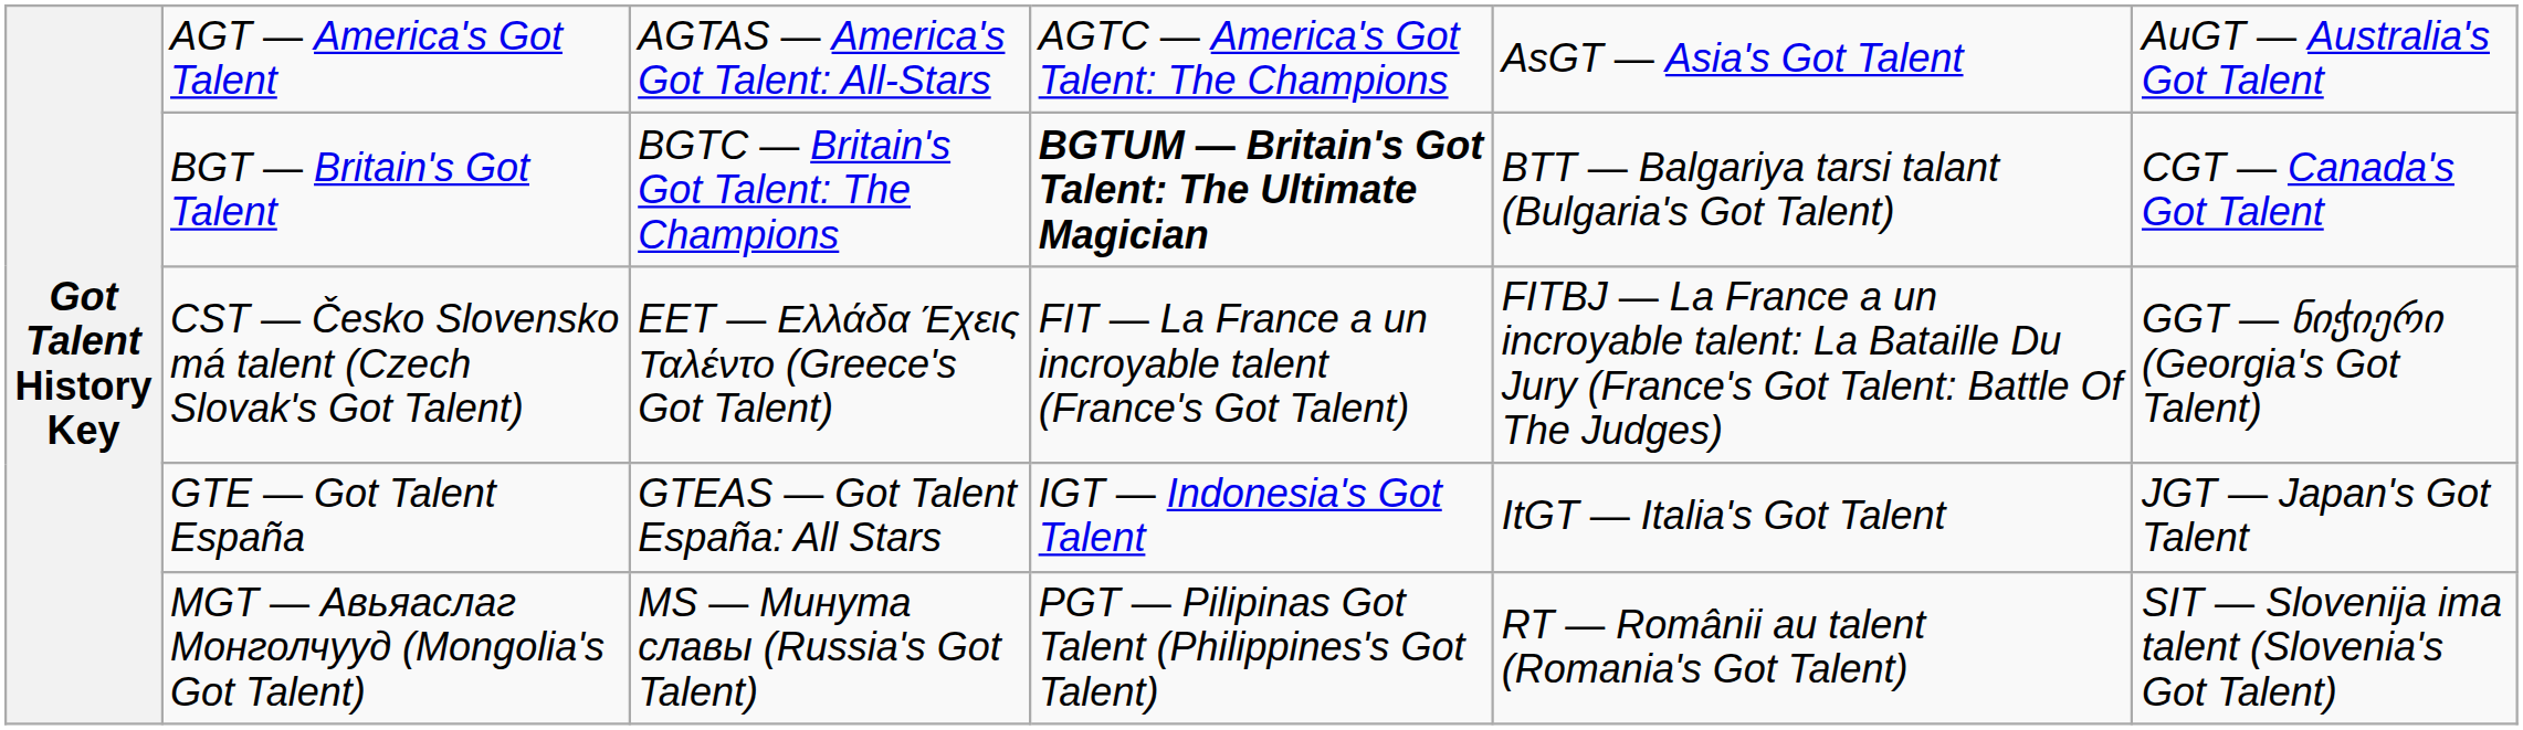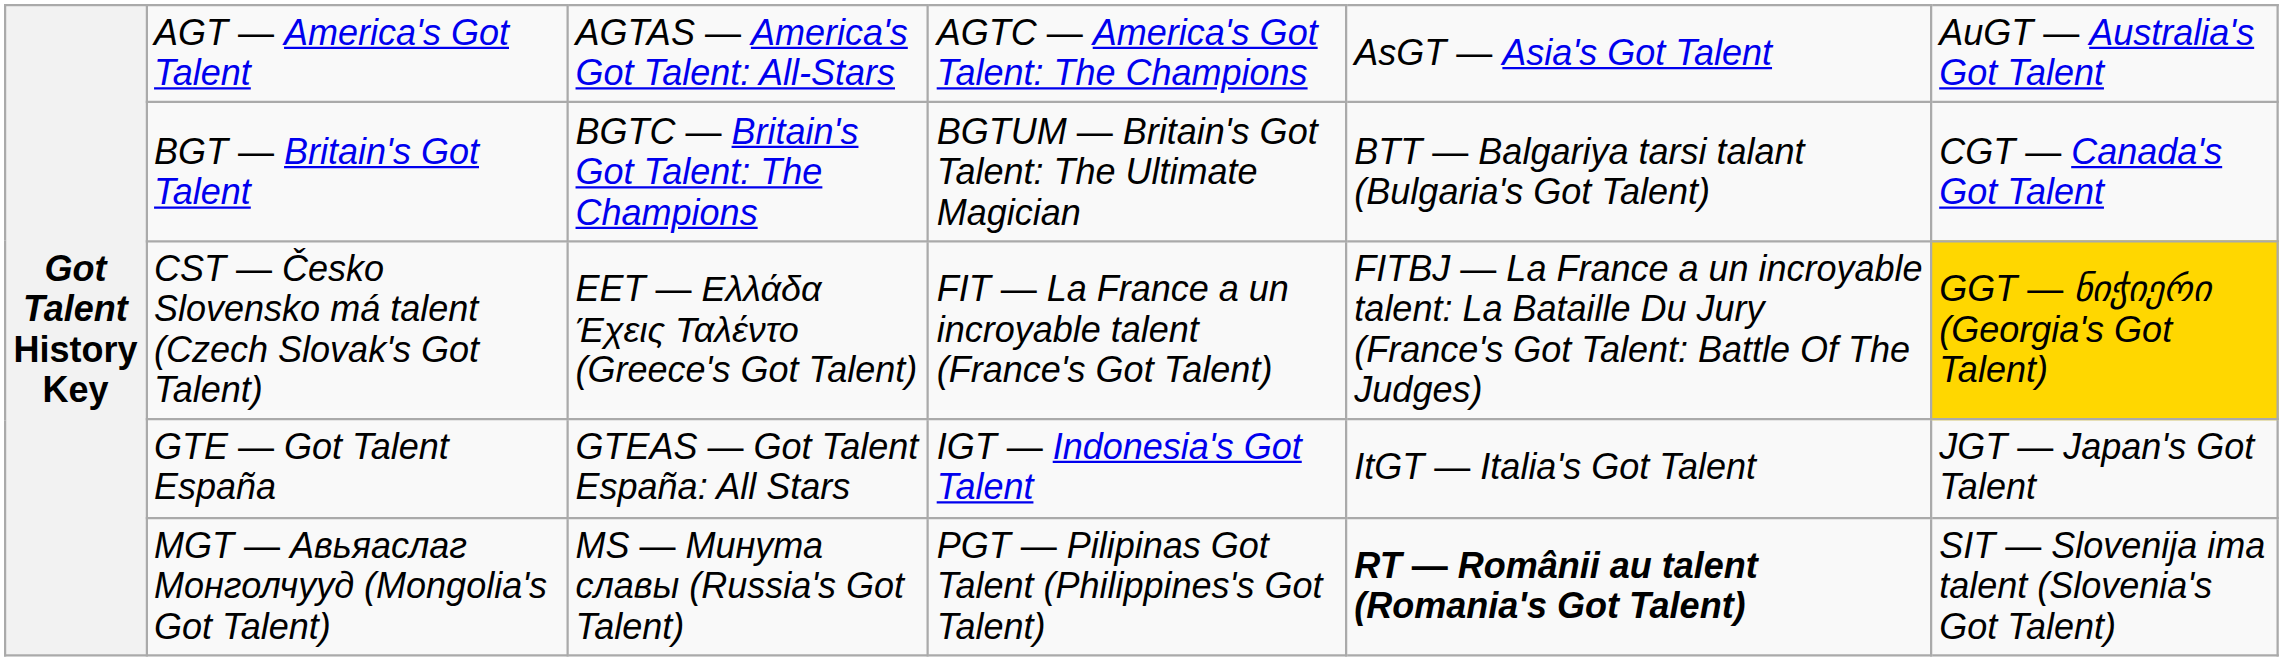 <table class="wikitable" style="width:80%;">
 <tr>
 <th rowspan="5" style="width:5%;"><em>Got Talent</em> History Key</th>
 <td><em>AGT</em> — <em><a href='#'>America's Got Talent</a></em></td>
 <td><em>AGTAS</em> — <em><a href='#'>America's Got Talent: All-Stars</a></em></td>
 <td><em>AGTC</em> — <em><a href='#'>America's Got Talent: The Champions</a></em></td>
 <td><em>AsGT</em> — <em><a href='#'>Asia's Got Talent</a></em></td>
 <td><em>AuGT</em> — <em><a href='#'>Australia's Got Talent</a></em></td>
 </tr>
 <tr>
 <td><em>BGT</em> — <em><a href='#'>Britain's Got Talent</a></em></td>
 <td><em>BGTC</em> — <em><a href='#'>Britain's Got Talent: The Champions</a></em></td>
-<td><strong><em>BGTUM</em> — <em>Britain's Got Talent: The Ultimate Magician</em></strong></td>
+<td><em>BGTUM</em> — <em>Britain's Got Talent: The Ultimate Magician</em></td>
 <td><em>BTT</em> — <em>Balgariya tarsi talant (Bulgaria's Got Talent)</em></td>
 <td><em>CGT</em> — <em><a href='#'>Canada's Got Talent</a></em></td>
 </tr>
 <tr>
 <td><em>CST</em> — <em>Česko Slovensko má talent (Czech Slovak's Got Talent)</em></td>
 <td><em>EET</em> — <em>Ελλάδα Έχεις Ταλέντο (Greece's Got Talent)</em></td>
 <td><em>FIT</em> — <em>La France a un incroyable talent (France's Got Talent)</em></td>
 <td><em>FITBJ</em> — <em>La France a un incroyable talent: La Bataille Du Jury (France's Got Talent: Battle Of The Judges)</em></td>
-<td><em>GGT</em> — <em>ნიჭიერი (Georgia's Got Talent)</em></td>
+<td style="background: gold;"><em>GGT</em> — <em>ნიჭიერი (Georgia's Got Talent)</em></td>
 </tr>
 <tr>
 <td><em>GTE</em> — <em>Got Talent España</em></td>
 <td><em>GTEAS</em> — <em>Got Talent España: All Stars</em></td>
 <td><em>IGT</em> — <em><a href='#'>Indonesia's Got Talent</a></em></td>
 <td><em>ItGT</em> — <em>Italia's Got Talent</em></td>
 <td><em>JGT</em> — <em>Japan's Got Talent</em></td>
 </tr>
 <tr>
 <td><em>MGT</em> — <em>Авьяаслаг Монголчууд (Mongolia's Got Talent)</em></td>
 <td><em>MS</em> — <em>Минута славы (Russia's Got Talent)</em></td>
 <td><em>PGT</em> — <em>Pilipinas Got Talent (Philippines's Got Talent)</em></td>
-<td><em>RT</em> — <em>Românii au talent (Romania's Got Talent)</em></td>
+<td><strong><em>RT</em> — <em>Românii au talent (Romania's Got Talent)</em></strong></td>
 <td><em>SIT</em> — <em>Slovenija ima talent (Slovenia's Got Talent)</em></td>
 </tr>
 </table>
